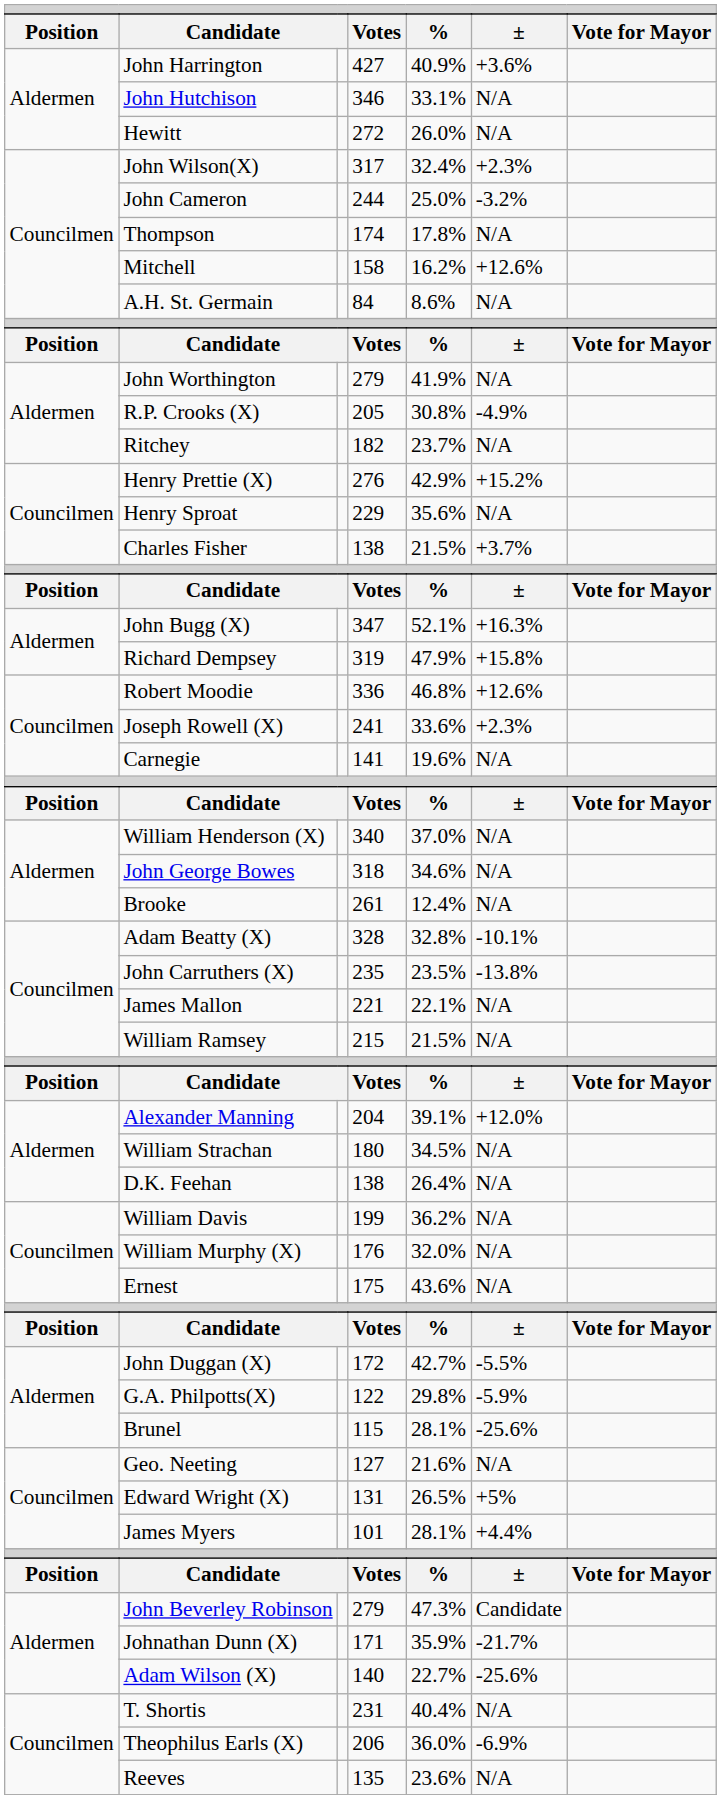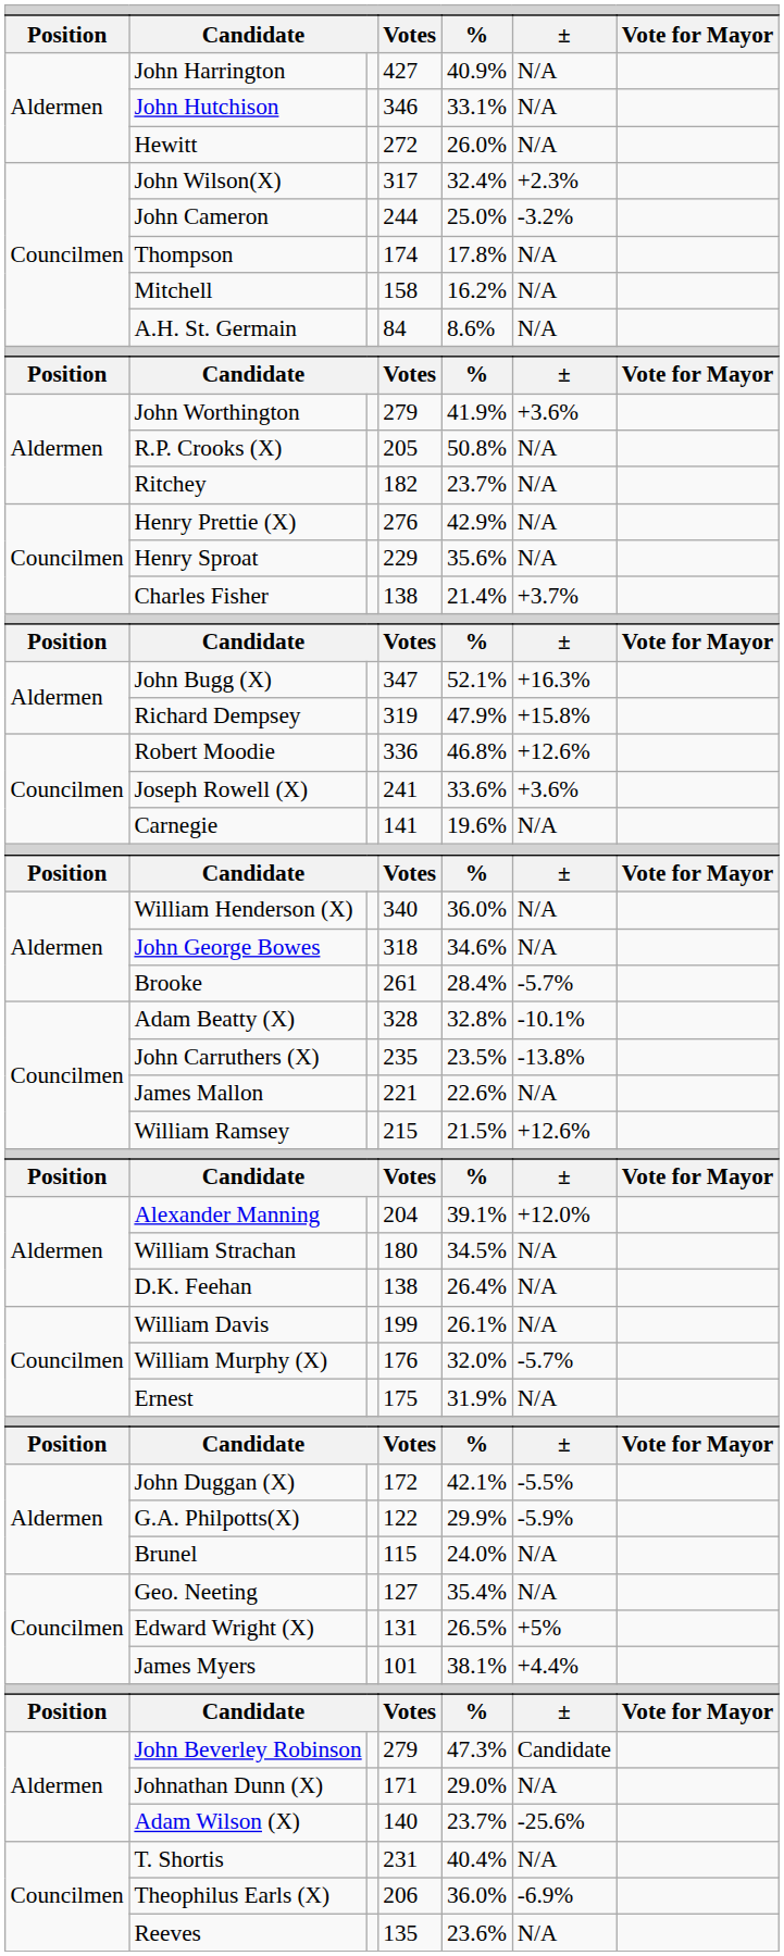 <table class=wikitable>
 <tr>
 <td colspan="7" style="border-bottom:1px solid black;background:lightgrey;"></td>
 </tr>
 <tr>
 <th>Position</th>
 <th colspan="2">Candidate</th>
 <th>Votes</th>
 <th>%</th>
 <th>±</th>
 <th>Vote for Mayor</th>
 </tr>
 <tr>
 <td rowspan=3>Aldermen</td>
 <td>John Harrington</td>
 <td></td>
 <td>427</td>
 <td>40.9%</td>
-<td>+3.6%</td>
+<td>N/A</td>
 <td></td>
 </tr>
 <tr>
 <td><a href='#'>John Hutchison</a></td>
 <td></td>
 <td>346</td>
 <td>33.1%</td>
 <td>N/A</td>
 <td></td>
 </tr>
 <tr>
 <td>Hewitt</td>
 <td></td>
 <td>272</td>
 <td>26.0%</td>
 <td>N/A</td>
 <td></td>
 </tr>
 <tr>
 <td rowspan=5>Councilmen</td>
 <td>John Wilson(X)</td>
 <td></td>
 <td>317</td>
 <td>32.4%</td>
 <td>+2.3%</td>
 <td></td>
 </tr>
 <tr>
 <td>John Cameron</td>
 <td></td>
 <td>244</td>
 <td>25.0%</td>
 <td>-3.2%</td>
 <td></td>
 </tr>
 <tr>
 <td>Thompson</td>
 <td></td>
 <td>174</td>
 <td>17.8%</td>
 <td>N/A</td>
 <td></td>
 </tr>
 <tr>
 <td>Mitchell</td>
 <td></td>
 <td>158</td>
 <td>16.2%</td>
-<td>+12.6%</td>
+<td>N/A</td>
 <td></td>
 </tr>
 <tr>
 <td>A.H. St. Germain</td>
 <td></td>
 <td>84</td>
 <td>8.6%</td>
 <td>N/A</td>
 <td></td>
 </tr>
 <tr>
 <td colspan="7" style="border-bottom:1px solid black;background:lightgrey;"></td>
 </tr>
 <tr>
 <th>Position</th>
 <th colspan="2">Candidate</th>
 <th>Votes</th>
 <th>%</th>
 <th>±</th>
 <th>Vote for Mayor</th>
 </tr>
 <tr>
 <td rowspan=3>Aldermen</td>
 <td>John Worthington</td>
 <td></td>
 <td>279</td>
 <td>41.9%</td>
-<td>N/A</td>
+<td>+3.6%</td>
 <td></td>
 </tr>
 <tr>
 <td>R.P. Crooks (X)</td>
 <td></td>
 <td>205</td>
-<td>30.8%</td>
-<td>-4.9%</td>
+<td>50.8%</td>
+<td>N/A</td>
 <td></td>
 </tr>
 <tr>
 <td>Ritchey</td>
 <td></td>
 <td>182</td>
 <td>23.7%</td>
 <td>N/A</td>
 <td></td>
 </tr>
 <tr>
 <td rowspan=3>Councilmen</td>
 <td>Henry Prettie (X)</td>
 <td></td>
 <td>276</td>
 <td>42.9%</td>
-<td>+15.2%</td>
+<td>N/A</td>
 <td></td>
 </tr>
 <tr>
 <td>Henry Sproat</td>
 <td></td>
 <td>229</td>
 <td>35.6%</td>
 <td>N/A</td>
 <td></td>
 </tr>
 <tr>
 <td>Charles Fisher</td>
 <td></td>
 <td>138</td>
-<td>21.5%</td>
+<td>21.4%</td>
 <td>+3.7%</td>
 <td></td>
 </tr>
 <tr>
 <td colspan="7" style="border-bottom:1px solid black;background:lightgrey;"></td>
 </tr>
 <tr>
 <th>Position</th>
 <th colspan="2">Candidate</th>
 <th>Votes</th>
 <th>%</th>
 <th>±</th>
 <th>Vote for Mayor</th>
 </tr>
 <tr>
 <td rowspan=2>Aldermen</td>
 <td>John Bugg (X)</td>
 <td></td>
 <td>347</td>
 <td>52.1%</td>
 <td>+16.3%</td>
 <td></td>
 </tr>
 <tr>
 <td>Richard Dempsey</td>
 <td></td>
 <td>319</td>
 <td>47.9%</td>
 <td>+15.8%</td>
 <td></td>
 </tr>
 <tr>
 <td rowspan=3>Councilmen</td>
 <td>Robert Moodie</td>
 <td></td>
 <td>336</td>
 <td>46.8%</td>
 <td>+12.6%</td>
 <td></td>
 </tr>
 <tr>
 <td>Joseph Rowell (X)</td>
 <td></td>
 <td>241</td>
 <td>33.6%</td>
-<td>+2.3%</td>
+<td>+3.6%</td>
 <td></td>
 </tr>
 <tr>
 <td>Carnegie</td>
 <td></td>
 <td>141</td>
 <td>19.6%</td>
 <td>N/A</td>
 <td></td>
 </tr>
 <tr>
 <td colspan="7" style="border-bottom:1px solid black;background:lightgrey;"></td>
 </tr>
 <tr>
 <th>Position</th>
 <th colspan="2">Candidate</th>
 <th>Votes</th>
 <th>%</th>
 <th>±</th>
 <th>Vote for Mayor</th>
 </tr>
 <tr>
 <td rowspan=3>Aldermen</td>
 <td>William Henderson (X)</td>
 <td></td>
 <td>340</td>
-<td>37.0%</td>
+<td>36.0%</td>
 <td>N/A</td>
 <td></td>
 </tr>
 <tr>
 <td><a href='#'>John George Bowes</a></td>
 <td></td>
 <td>318</td>
 <td>34.6%</td>
 <td>N/A</td>
 <td></td>
 </tr>
 <tr>
 <td>Brooke</td>
 <td></td>
 <td>261</td>
-<td>12.4%</td>
-<td>N/A</td>
+<td>28.4%</td>
+<td>-5.7%</td>
 <td></td>
 </tr>
 <tr>
 <td rowspan=4>Councilmen</td>
 <td>Adam Beatty (X)</td>
 <td></td>
 <td>328</td>
 <td>32.8%</td>
 <td>-10.1%</td>
 <td></td>
 </tr>
 <tr>
 <td>John Carruthers (X)</td>
 <td></td>
 <td>235</td>
 <td>23.5%</td>
 <td>-13.8%</td>
 <td></td>
 </tr>
 <tr>
 <td>James Mallon</td>
 <td></td>
 <td>221</td>
-<td>22.1%</td>
+<td>22.6%</td>
 <td>N/A</td>
 <td></td>
 </tr>
 <tr>
 <td>William Ramsey</td>
 <td></td>
 <td>215</td>
 <td>21.5%</td>
-<td>N/A</td>
+<td>+12.6%</td>
 <td></td>
 </tr>
 <tr>
 <td colspan="7" style="border-bottom:1px solid black;background:lightgrey;"></td>
 </tr>
 <tr>
 <th>Position</th>
 <th colspan="2">Candidate</th>
 <th>Votes</th>
 <th>%</th>
 <th>±</th>
 <th>Vote for Mayor</th>
 </tr>
 <tr>
 <td rowspan=3>Aldermen</td>
 <td><a href='#'>Alexander Manning</a></td>
 <td></td>
 <td>204</td>
 <td>39.1%</td>
 <td>+12.0%</td>
 <td></td>
 </tr>
 <tr>
 <td>William Strachan</td>
 <td></td>
 <td>180</td>
 <td>34.5%</td>
 <td>N/A</td>
 <td></td>
 </tr>
 <tr>
 <td>D.K. Feehan</td>
 <td></td>
 <td>138</td>
 <td>26.4%</td>
 <td>N/A</td>
 <td></td>
 </tr>
 <tr>
 <td rowspan=3>Councilmen</td>
 <td>William Davis</td>
 <td></td>
 <td>199</td>
-<td>36.2%</td>
+<td>26.1%</td>
 <td>N/A</td>
 <td></td>
 </tr>
 <tr>
 <td>William Murphy (X)</td>
 <td></td>
 <td>176</td>
 <td>32.0%</td>
-<td>N/A</td>
+<td>-5.7%</td>
 <td></td>
 </tr>
 <tr>
 <td>Ernest</td>
 <td></td>
 <td>175</td>
-<td>43.6%</td>
+<td>31.9%</td>
 <td>N/A</td>
 <td></td>
 </tr>
 <tr>
 <td colspan="7" style="border-bottom:1px solid black;background:lightgrey;"></td>
 </tr>
 <tr>
 <th>Position</th>
 <th colspan="2">Candidate</th>
 <th>Votes</th>
 <th>%</th>
 <th>±</th>
 <th>Vote for Mayor</th>
 </tr>
 <tr>
 <td rowspan=3>Aldermen</td>
 <td>John Duggan (X)</td>
 <td></td>
 <td>172</td>
-<td>42.7%</td>
+<td>42.1%</td>
 <td>-5.5%</td>
 <td></td>
 </tr>
 <tr>
 <td>G.A. Philpotts(X)</td>
 <td></td>
 <td>122</td>
-<td>29.8%</td>
+<td>29.9%</td>
 <td>-5.9%</td>
 <td></td>
 </tr>
 <tr>
 <td>Brunel</td>
 <td></td>
 <td>115</td>
-<td>28.1%</td>
-<td>-25.6%</td>
+<td>24.0%</td>
+<td>N/A</td>
 <td></td>
 </tr>
 <tr>
 <td rowspan=3>Councilmen</td>
 <td>Geo. Neeting</td>
 <td></td>
 <td>127</td>
-<td>21.6%</td>
+<td>35.4%</td>
 <td>N/A</td>
 <td></td>
 </tr>
 <tr>
 <td>Edward Wright (X)</td>
 <td></td>
 <td>131</td>
 <td>26.5%</td>
 <td>+5%</td>
 <td></td>
 </tr>
 <tr>
 <td>James Myers</td>
 <td></td>
 <td>101</td>
-<td>28.1%</td>
+<td>38.1%</td>
 <td>+4.4%</td>
 <td></td>
 </tr>
 <tr>
 <td colspan="7" style="border-bottom:1px solid black;background:lightgrey;"></td>
 </tr>
 <tr>
 <th>Position</th>
 <th colspan="2">Candidate</th>
 <th>Votes</th>
 <th>%</th>
 <th>±</th>
 <th>Vote for Mayor</th>
 </tr>
 <tr>
 <td rowspan=3>Aldermen</td>
 <td><a href='#'>John Beverley Robinson</a></td>
 <td></td>
 <td>279</td>
 <td>47.3%</td>
 <td>Candidate</td>
 </tr>
 <tr>
 <td>Johnathan Dunn (X)</td>
 <td></td>
 <td>171</td>
-<td>35.9%</td>
-<td>-21.7%</td>
+<td>29.0%</td>
+<td>N/A</td>
 <td></td>
 </tr>
 <tr>
 <td><a href='#'>Adam Wilson</a> (X)</td>
 <td></td>
 <td>140</td>
-<td>22.7%</td>
+<td>23.7%</td>
 <td>-25.6%</td>
 <td></td>
 </tr>
 <tr>
 <td rowspan=3>Councilmen</td>
 <td>T. Shortis</td>
 <td></td>
 <td>231</td>
 <td>40.4%</td>
 <td>N/A</td>
 <td></td>
 </tr>
 <tr>
 <td>Theophilus Earls (X)</td>
 <td></td>
 <td>206</td>
 <td>36.0%</td>
 <td>-6.9%</td>
 <td></td>
 </tr>
 <tr>
 <td>Reeves</td>
 <td></td>
 <td>135</td>
 <td>23.6%</td>
 <td>N/A</td>
 <td></td>
 </tr>
 <tr>
 </tr>
 </table>
